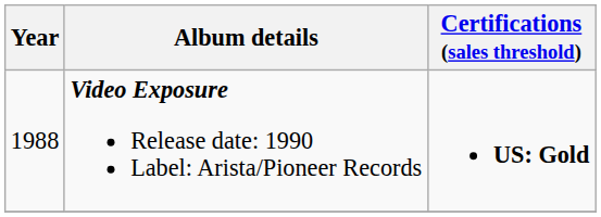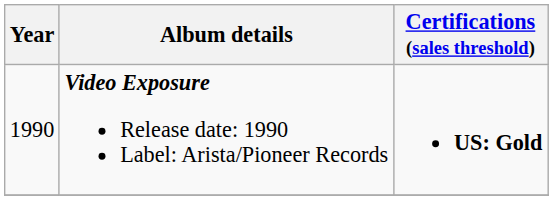 <table class="wikitable" style="text-align:center;">
 <tr>
 <th>Year</th>
 <th>Album details</th>
 <th><a href='#'>Certifications</a><br><small>(<a href='#'>sales threshold</a>)</small></th>
 </tr>
 <tr>
-<td>1988</td>
+<td>1990</td>
 <td align="left"><strong><em>Video Exposure</em></strong><br><ul><li>Release date: 1990</li><li>Label: Arista/Pioneer Records</li></ul></td>
 <td align="left"><strong><br><ul><li>US: Gold</li></ul></strong></td>
 </tr>
 <tr>
 </tr>
 </table>
